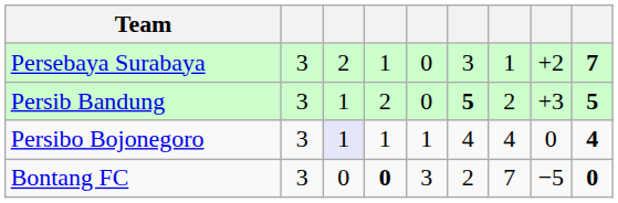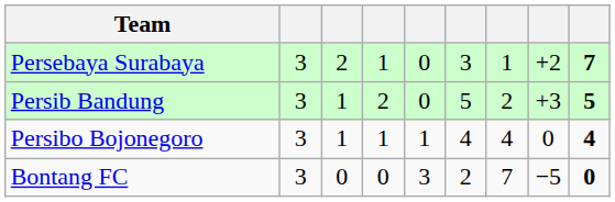 <table class="wikitable" style="text-align:center">
 <tr>
 <th style="width:175px;">Team</th>
 <th width="20"></th>
 <th width="20"></th>
 <th width="20"></th>
 <th width="20"></th>
 <th width="20"></th>
 <th width="20"></th>
 <th width="20"></th>
 <th width="20"></th>
 </tr>
 <tr style="background:#cfc;">
 <td align=left><a href='#'>Persebaya Surabaya</a></td>
 <td>3</td>
 <td>2</td>
 <td>1</td>
 <td>0</td>
 <td>3</td>
 <td>1</td>
 <td>+2</td>
 <td><strong>7</strong></td>
 </tr>
 <tr style="background:#cfc;">
 <td align=left><a href='#'>Persib Bandung</a></td>
 <td>3</td>
 <td>1</td>
 <td>2</td>
 <td>0</td>
-<td><strong>5</strong></td>
+<td>5</td>
 <td>2</td>
 <td>+3</td>
 <td><strong>5</strong></td>
 </tr>
 <tr>
 <td align=left><a href='#'>Persibo Bojonegoro</a></td>
 <td>3</td>
-<td style="background: lavender;">1</td>
+<td>1</td>
 <td>1</td>
 <td>1</td>
 <td>4</td>
 <td>4</td>
 <td>0</td>
 <td><strong>4</strong></td>
 </tr>
 <tr>
 <td align=left><a href='#'>Bontang FC</a></td>
 <td>3</td>
 <td>0</td>
-<td><strong>0</strong></td>
+<td>0</td>
 <td>3</td>
 <td>2</td>
 <td>7</td>
 <td>−5</td>
 <td><strong>0</strong></td>
 </tr>
 </table>
